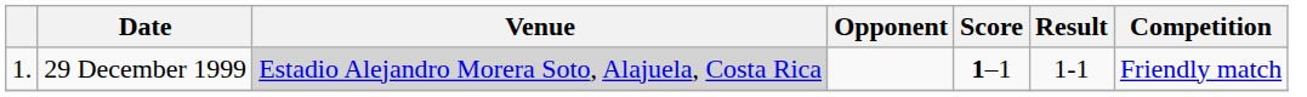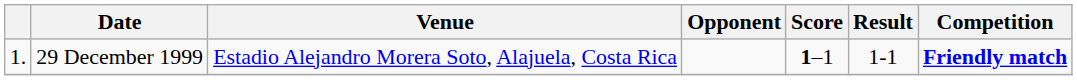 <table class="wikitable">
 <tr>
 <th></th>
 <th>Date</th>
 <th>Venue</th>
 <th>Opponent</th>
 <th>Score</th>
 <th>Result</th>
 <th>Competition</th>
 </tr>
 <tr>
 <td align="center">1.</td>
 <td>29 December 1999</td>
-<td style="background: lightgrey;"><a href='#'>Estadio Alejandro Morera Soto</a>, <a href='#'>Alajuela</a>, <a href='#'>Costa Rica</a></td>
+<td><a href='#'>Estadio Alejandro Morera Soto</a>, <a href='#'>Alajuela</a>, <a href='#'>Costa Rica</a></td>
 <td></td>
 <td align="center"><strong>1</strong>–1</td>
 <td align="center">1-1</td>
-<td><a href='#'>Friendly match</a></td>
+<td><strong><a href='#'>Friendly match</a></strong></td>
 </tr>
 <tr>
 </tr>
 </table>
